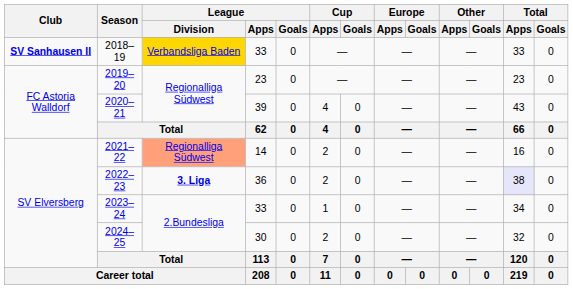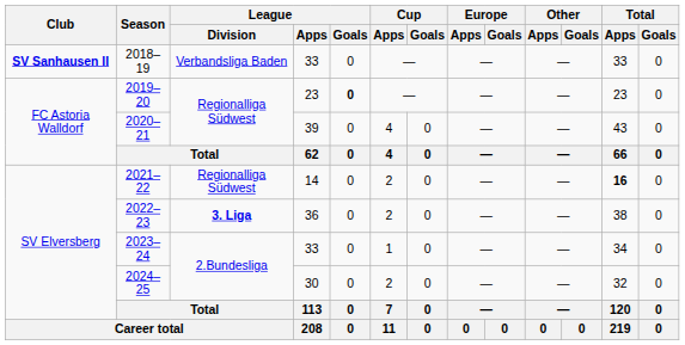 <table class="wikitable" style="text-align: center">
 <tr>
 <th rowspan="2">Club</th>
 <th rowspan="2">Season</th>
 <th colspan="3">League</th>
 <th colspan="2">Cup</th>
 <th colspan="2">Europe</th>
 <th colspan="2">Other</th>
 <th colspan="2">Total</th>
 </tr>
 <tr>
 <th>Division</th>
 <th>Apps</th>
 <th>Goals</th>
 <th>Apps</th>
 <th>Goals</th>
 <th>Apps</th>
 <th>Goals</th>
 <th>Apps</th>
 <th>Goals</th>
 <th>Apps</th>
 <th>Goals</th>
 </tr>
 <tr>
 <td><strong><a href='#'>SV Sanhausen II</a></strong></td>
 <td>2018–19</td>
-<td style="background: gold;"><a href='#'>Verbandsliga Baden</a></td>
+<td><a href='#'>Verbandsliga Baden</a></td>
 <td>33</td>
 <td>0</td>
 <td colspan="2">—</td>
 <td colspan="2">—</td>
 <td colspan="2">—</td>
 <td>33</td>
 <td>0</td>
 </tr>
 <tr>
 <td rowspan="3"><a href='#'>FC Astoria Walldorf</a></td>
 <td><a href='#'>2019–20</a></td>
 <td rowspan="2"><a href='#'>Regionalliga Südwest</a></td>
 <td>23</td>
-<td>0</td>
+<td><strong>0</strong></td>
 <td colspan="2">—</td>
 <td colspan="2">—</td>
 <td colspan="2">—</td>
 <td>23</td>
 <td>0</td>
 </tr>
 <tr>
 <td><a href='#'>2020–21</a></td>
 <td>39</td>
 <td>0</td>
 <td>4</td>
 <td>0</td>
 <td colspan="2">—</td>
 <td colspan="2">—</td>
 <td>43</td>
 <td>0</td>
 </tr>
 <tr>
 <th colspan="2">Total</th>
 <th>62</th>
 <th>0</th>
 <th>4</th>
 <th>0</th>
 <th colspan="2">—</th>
 <th colspan="2">—</th>
 <th>66</th>
 <th>0</th>
 </tr>
 <tr>
 <td rowspan="5"><a href='#'>SV Elversberg</a></td>
 <td><a href='#'>2021–22</a></td>
-<td style="background: lightsalmon;"><a href='#'>Regionalliga Südwest</a></td>
+<td><a href='#'>Regionalliga Südwest</a></td>
 <td>14</td>
 <td>0</td>
 <td>2</td>
 <td>0</td>
 <td colspan="2">—</td>
 <td colspan="2">—</td>
-<td>16</td>
+<td><strong>16</strong></td>
 <td>0</td>
 </tr>
 <tr>
 <td><a href='#'>2022–23</a></td>
 <td><strong><a href='#'>3. Liga</a></strong></td>
 <td>36</td>
 <td>0</td>
 <td>2</td>
 <td>0</td>
 <td colspan="2">—</td>
 <td colspan="2">—</td>
-<td style="background: lavender;">38</td>
+<td>38</td>
 <td>0</td>
 </tr>
 <tr>
 <td><a href='#'>2023–24</a></td>
 <td rowspan="2"><a href='#'>2.Bundesliga</a></td>
 <td>33</td>
 <td>0</td>
 <td>1</td>
 <td>0</td>
 <td colspan="2">—</td>
 <td colspan="2">—</td>
 <td>34</td>
 <td>0</td>
 </tr>
 <tr>
 <td><a href='#'>2024–25</a></td>
 <td>30</td>
 <td>0</td>
 <td>2</td>
 <td>0</td>
 <td colspan="2">—</td>
 <td colspan="2">—</td>
 <td>32</td>
 <td>0</td>
 </tr>
 <tr>
 <th colspan="2">Total</th>
 <th>113</th>
 <th>0</th>
 <th>7</th>
 <th>0</th>
 <th colspan="2">—</th>
 <th colspan="2">—</th>
 <th>120</th>
 <th>0</th>
 </tr>
 <tr>
 <th colspan="3">Career total</th>
 <th>208</th>
 <th>0</th>
 <th>11</th>
 <th>0</th>
 <th>0</th>
 <th>0</th>
 <th>0</th>
 <th>0</th>
 <th>219</th>
 <th>0</th>
 </tr>
 </table>
